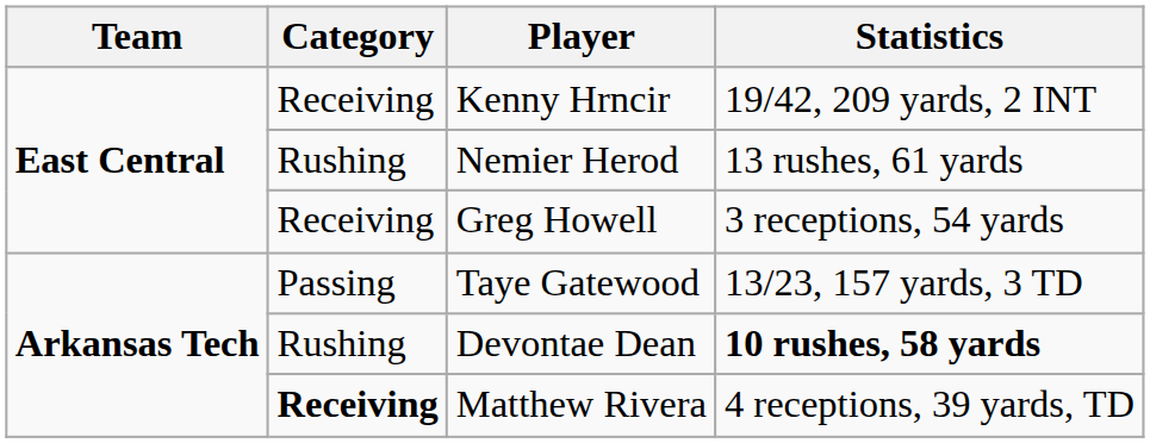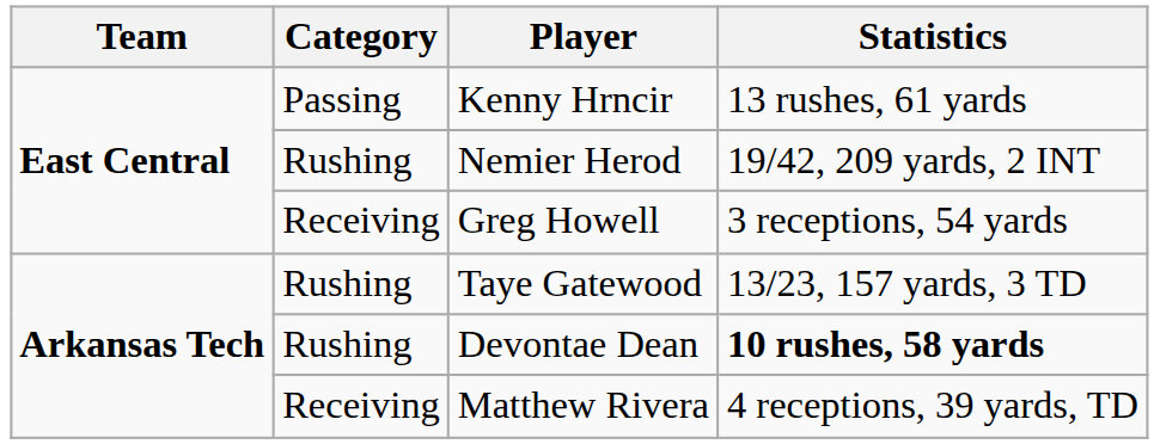 <table class="wikitable" style="float: right;">
 <tr>
 <th>Team</th>
 <th>Category</th>
 <th>Player</th>
 <th>Statistics</th>
 </tr>
 <tr>
 <td rowspan=3><strong>East Central</strong></td>
-<td>Receiving</td>
+<td>Passing</td>
 <td>Kenny Hrncir</td>
-<td>19/42, 209 yards, 2 INT</td>
+<td>13 rushes, 61 yards</td>
 </tr>
 <tr>
 <td>Rushing</td>
 <td>Nemier Herod</td>
-<td>13 rushes, 61 yards</td>
+<td>19/42, 209 yards, 2 INT</td>
 </tr>
 <tr>
 <td>Receiving</td>
 <td>Greg Howell</td>
 <td>3 receptions, 54 yards</td>
 </tr>
 <tr>
 <td rowspan=3><strong>Arkansas Tech</strong></td>
-<td>Passing</td>
+<td>Rushing</td>
 <td>Taye Gatewood</td>
 <td>13/23, 157 yards, 3 TD</td>
 </tr>
 <tr>
 <td>Rushing</td>
 <td>Devontae Dean</td>
 <td><strong>10 rushes, 58 yards</strong></td>
 </tr>
 <tr>
-<td><strong>Receiving</strong></td>
+<td>Receiving</td>
 <td>Matthew Rivera</td>
 <td>4 receptions, 39 yards, TD</td>
 </tr>
 </table>
